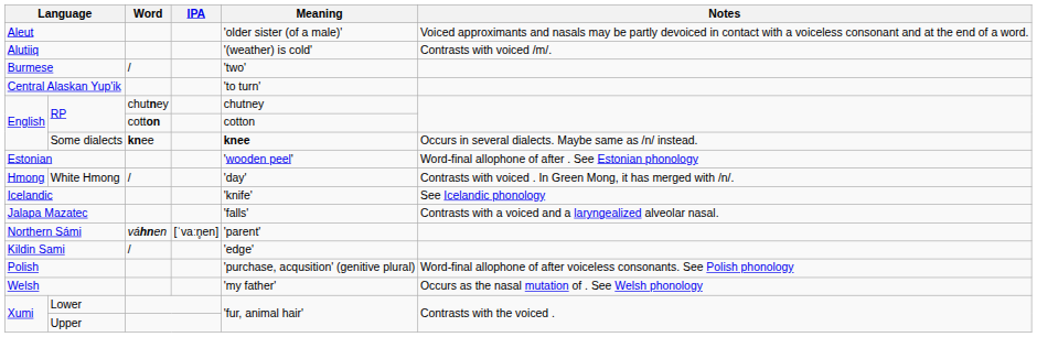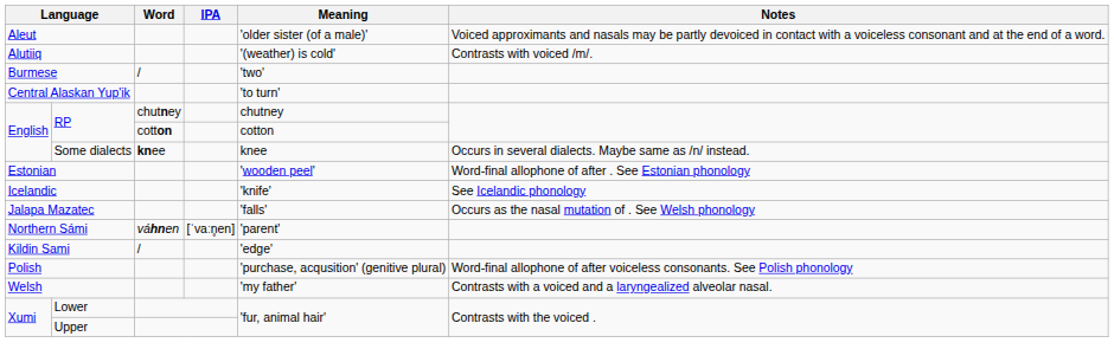 <table class="wikitable">
 <tr>
 <th colspan="2">Language</th>
 <th>Word</th>
 <th><a href='#'>IPA</a></th>
 <th>Meaning</th>
 <th>Notes</th>
 </tr>
 <tr>
 <td colspan="2"><a href='#'>Aleut</a></td>
 <td></td>
 <td></td>
 <td>'older sister (of a male)'</td>
 <td>Voiced approximants and nasals may be partly devoiced in contact with a voiceless consonant and at the end of a word.</td>
 </tr>
 <tr>
 <td colspan="2"><a href='#'>Alutiiq</a></td>
 <td></td>
 <td></td>
 <td>'(weather) is cold'</td>
 <td>Contrasts with voiced /m/.</td>
 </tr>
 <tr>
 <td colspan="2"><a href='#'>Burmese</a></td>
 <td>/</td>
 <td></td>
 <td>'two'</td>
 <td></td>
 </tr>
 <tr>
 <td colspan="2"><a href='#'>Central Alaskan Yup'ik</a></td>
 <td></td>
 <td></td>
 <td>'to turn'</td>
 <td></td>
 </tr>
 <tr>
 <td rowspan="3"><a href='#'>English</a></td>
 <td rowspan="2"><a href='#'>RP</a></td>
 <td>chut<strong>n</strong>ey</td>
 <td></td>
 <td>chutney</td>
 <td rowspan="2"></td>
 </tr>
 <tr>
 <td>cott<strong>on</strong></td>
 <td></td>
 <td>cotton</td>
 </tr>
 <tr>
 <td>Some dialects</td>
 <td><strong>kn</strong>ee</td>
 <td></td>
-<td><strong>knee</strong></td>
+<td>knee</td>
 <td>Occurs in several dialects. Maybe same as /n/ instead.</td>
 </tr>
 <tr>
 <td colspan="2"><a href='#'>Estonian</a></td>
 <td></td>
 <td></td>
 <td>'<a href='#'>wooden peel</a>'</td>
 <td>Word-final allophone of  after . See <a href='#'>Estonian phonology</a></td>
-</tr>
-<tr>
-<td><a href='#'>Hmong</a></td>
-<td>White Hmong</td>
-<td> / </td>
-<td></td>
-<td>'day'</td>
-<td>Contrasts with voiced . In Green Mong, it has merged with /n/.</td>
 </tr>
 <tr>
 <td colspan="2"><a href='#'>Icelandic</a></td>
 <td></td>
 <td></td>
 <td>'knife'</td>
 <td>See <a href='#'>Icelandic phonology</a></td>
 </tr>
 <tr>
 <td colspan="2"><a href='#'>Jalapa Mazatec</a></td>
 <td></td>
 <td></td>
 <td>'falls'</td>
-<td>Contrasts with a voiced and a <a href='#'>laryngealized</a> alveolar nasal.</td>
+<td>Occurs as the nasal <a href='#'>mutation</a> of . See <a href='#'>Welsh phonology</a></td>
 </tr>
 <tr>
 <td colspan="2"><a href='#'>Northern Sámi</a></td>
 <td><em>vá<strong>hn</strong>en</em></td>
 <td>[ˈvaːn̥en]</td>
 <td>'parent'</td>
 <td></td>
 </tr>
 <tr>
 <td colspan="2"><a href='#'>Kildin Sami</a></td>
 <td>/</td>
 <td></td>
 <td>'edge'</td>
 <td></td>
 </tr>
 <tr>
 <td colspan="2"><a href='#'>Polish</a></td>
 <td></td>
 <td></td>
 <td>'purchase, acqusition' (genitive plural)</td>
 <td>Word-final allophone of  after voiceless consonants. See <a href='#'>Polish phonology</a></td>
 </tr>
 <tr>
 <td colspan="2"><a href='#'>Welsh</a></td>
 <td></td>
 <td></td>
 <td>'my father'</td>
-<td>Occurs as the nasal <a href='#'>mutation</a> of . See <a href='#'>Welsh phonology</a></td>
+<td>Contrasts with a voiced and a <a href='#'>laryngealized</a> alveolar nasal.</td>
 </tr>
 <tr>
 <td rowspan="2"><a href='#'>Xumi</a></td>
 <td>Lower</td>
 <td colspan="2" align="center"></td>
 <td rowspan="2">'fur, animal hair'</td>
 <td rowspan="2">Contrasts with the voiced .</td>
 </tr>
 <tr>
 <td>Upper</td>
 <td colspan="2" align="center"></td>
 </tr>
 </table>
